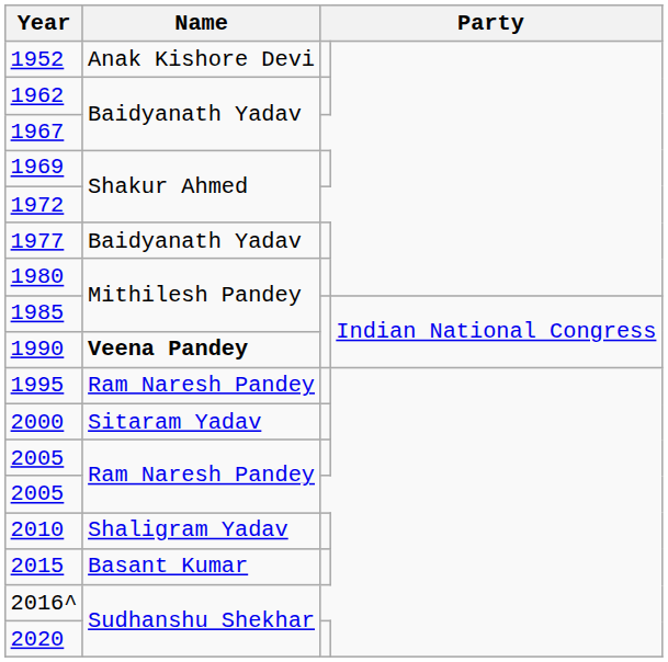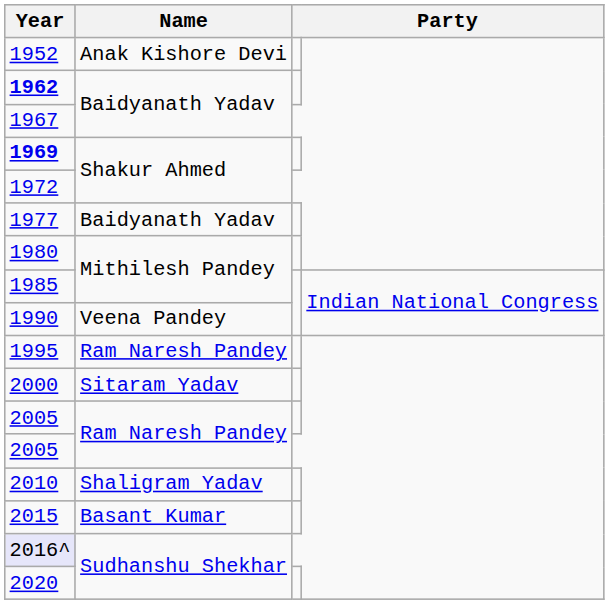 <table class="wikitable sortable">
 <tr>
 <th>Year</th>
 <th>Name</th>
 <th colspan="2">Party</th>
 </tr>
 <tr>
 <td><a href='#'>1952</a></td>
 <td>Anak Kishore Devi</td>
 <td></td>
 </tr>
 <tr>
-<td><a href='#'>1962</a></td>
+<td><strong><a href='#'>1962</a></strong></td>
 <td rowspan="2">Baidyanath Yadav</td>
 <td></td>
 </tr>
 <tr>
 <td><a href='#'>1967</a></td>
 </tr>
 <tr>
-<td><a href='#'>1969</a></td>
+<td><strong><a href='#'>1969</a></strong></td>
 <td rowspan="2">Shakur Ahmed</td>
 <td></td>
 </tr>
 <tr>
 <td><a href='#'>1972</a></td>
 </tr>
 <tr>
 <td><a href='#'>1977</a></td>
 <td>Baidyanath Yadav</td>
 <td></td>
 </tr>
 <tr>
 <td><a href='#'>1980</a></td>
 <td rowspan="2">Mithilesh Pandey</td>
 <td></td>
 </tr>
 <tr>
 <td><a href='#'>1985</a></td>
 <td rowspan="2" style="background-color:"></td>
 <td rowspan="2"><a href='#'>Indian National Congress</a></td>
 </tr>
 <tr>
 <td><a href='#'>1990</a></td>
-<td><strong>Veena Pandey</strong></td>
+<td>Veena Pandey</td>
 </tr>
 <tr>
 <td><a href='#'>1995</a></td>
 <td><a href='#'>Ram Naresh Pandey</a></td>
 <td></td>
 </tr>
 <tr>
 <td><a href='#'>2000</a></td>
 <td><a href='#'>Sitaram Yadav</a></td>
 <td></td>
 </tr>
 <tr>
 <td><a href='#'>2005</a></td>
 <td rowspan="2"><a href='#'>Ram Naresh Pandey</a></td>
 <td></td>
 </tr>
 <tr>
 <td><a href='#'>2005</a></td>
 </tr>
 <tr>
 <td><a href='#'>2010</a></td>
 <td><a href='#'>Shaligram Yadav</a></td>
 <td></td>
 </tr>
 <tr>
 <td><a href='#'>2015</a></td>
 <td><a href='#'>Basant Kumar</a></td>
 <td></td>
 </tr>
 <tr>
-<td>2016^</td>
+<td style="background: lavender;">2016^</td>
 <td rowspan="2"><a href='#'>Sudhanshu Shekhar</a></td>
 </tr>
 <tr>
 <td><a href='#'>2020</a></td>
 <td></td>
 </tr>
 </table>
